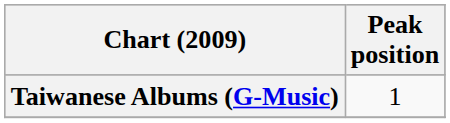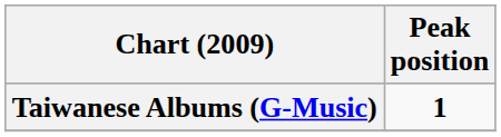 <table class="wikitable plainrowheaders">
 <tr>
 <th>Chart (2009)</th>
 <th>Peak<br>position</th>
 </tr>
 <tr>
 <th scope="row">Taiwanese Albums (<a href='#'>G-Music</a>)</th>
-<td style="text-align:center;">1</td>
+<td style="text-align:center;"><strong>1</strong></td>
 </tr>
 <tr>
 </tr>
 </table>
